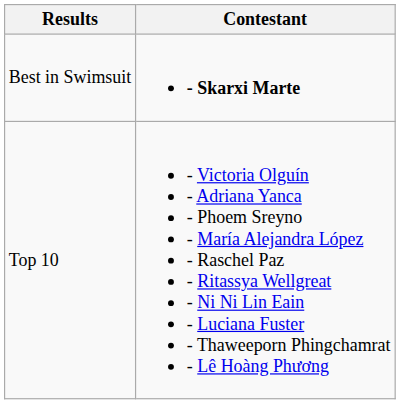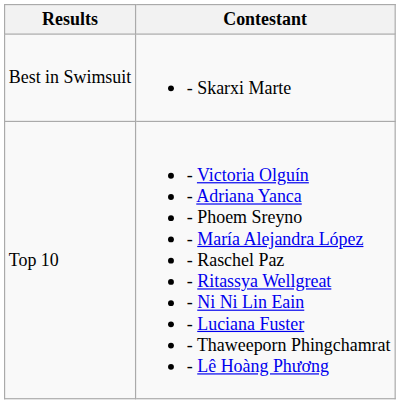 <table class="wikitable" style="font-size:95%;">
 <tr>
 <th>Results</th>
 <th>Contestant</th>
 </tr>
 <tr>
 <td>Best in Swimsuit</td>
-<td><strong><br><ul><li> - Skarxi Marte</li></ul></strong></td>
+<td><br><ul><li> - Skarxi Marte</li></ul></td>
 </tr>
 <tr>
 <td rowspan="2">Top 10</td>
 <td><br><ul><li> - <a href='#'>Victoria Olguín</a></li><li> - <a href='#'>Adriana Yanca</a></li><li> - Phoem Sreyno</li><li> - <a href='#'>María Alejandra López</a></li><li> - Raschel Paz</li><li> - <a href='#'>Ritassya Wellgreat</a></li><li> - <a href='#'>Ni Ni Lin Eain</a></li><li> - <a href='#'>Luciana Fuster</a></li><li> - Thaweeporn Phingchamrat</li><li> - <a href='#'>Lê Hoàng Phương</a></li></ul></td>
 </tr>
 </table>
